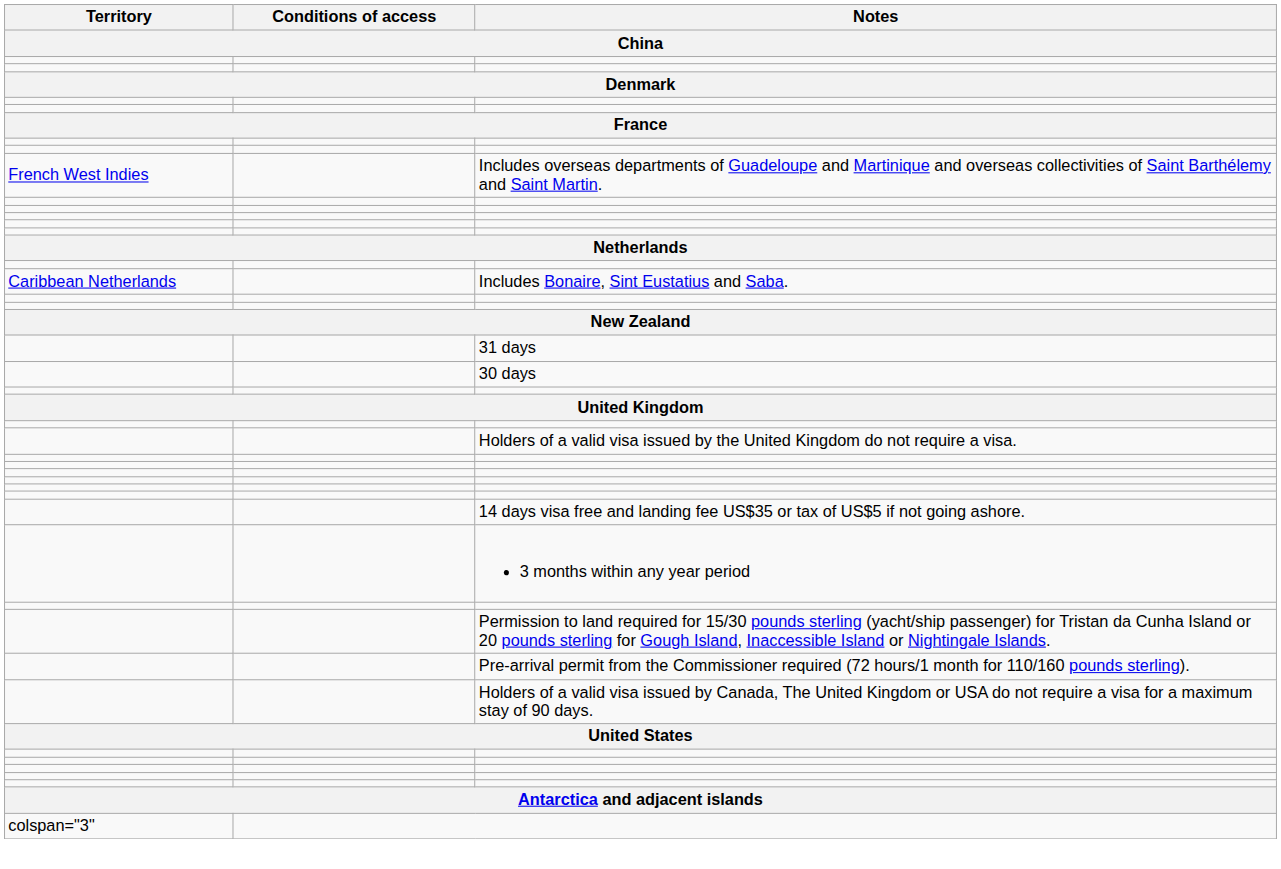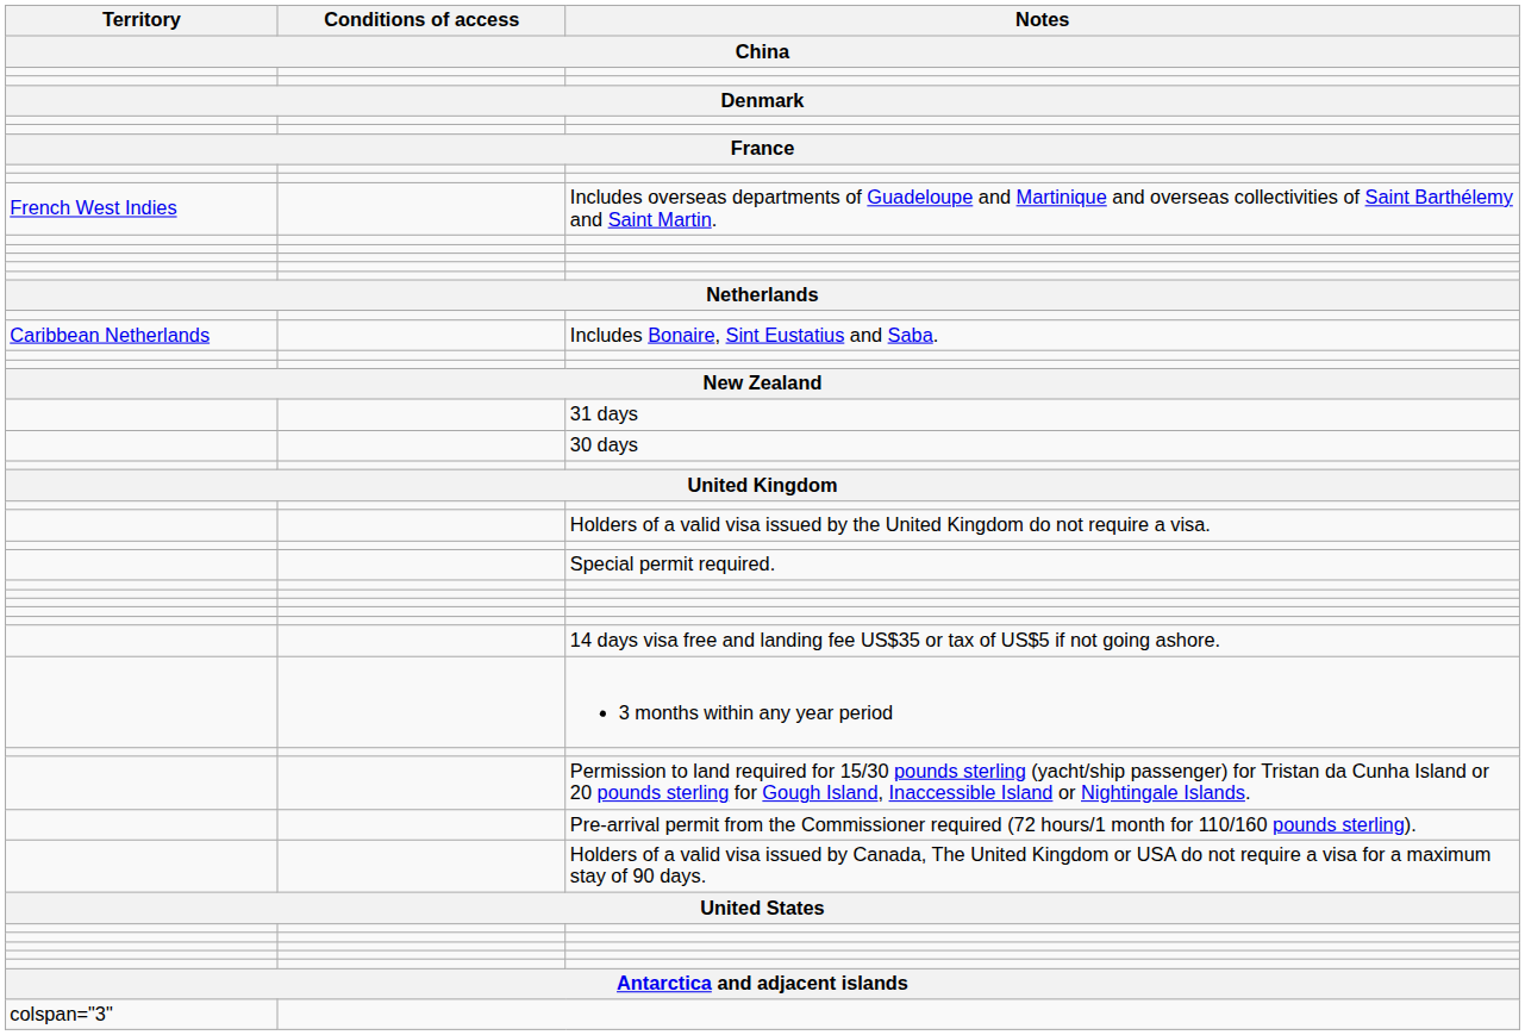 <table class="wikitable" style="text-align: left; table-layout: fixed;">
 <tr>
 <th style="width:18%;">Territory</th>
 <th style="width:19%;">Conditions of access</th>
 <th>Notes</th>
 </tr>
 <tr>
 <th colspan="3">China</th>
 </tr>
 <tr>
 <td></td>
 <td></td>
 <td></td>
 </tr>
 <tr>
 <td></td>
 <td></td>
 <td></td>
 </tr>
 <tr>
 <th colspan="3">Denmark</th>
 </tr>
 <tr>
 <td></td>
 <td></td>
 <td></td>
 </tr>
 <tr>
 <td></td>
 <td></td>
 <td></td>
 </tr>
 <tr>
 <th colspan="3">France</th>
 </tr>
 <tr>
 <td></td>
 <td></td>
 <td></td>
 </tr>
 <tr>
 <td></td>
 <td></td>
 <td></td>
 </tr>
 <tr>
 <td> <a href='#'>French West Indies</a></td>
 <td></td>
 <td>Includes overseas departments of <a href='#'>Guadeloupe</a> and <a href='#'>Martinique</a> and overseas collectivities of <a href='#'>Saint Barthélemy</a> and <a href='#'>Saint Martin</a>.</td>
 </tr>
 <tr>
 <td></td>
 <td></td>
 <td></td>
 </tr>
 <tr>
 <td></td>
 <td></td>
 <td></td>
 </tr>
 <tr>
 <td></td>
 <td></td>
 <td></td>
 </tr>
 <tr>
 <td></td>
 <td></td>
 <td></td>
 </tr>
 <tr>
 <td></td>
 <td></td>
 <td></td>
 </tr>
 <tr>
 <th colspan="3">Netherlands</th>
 </tr>
 <tr>
 <td></td>
 <td></td>
 <td></td>
 </tr>
 <tr>
 <td> <a href='#'>Caribbean Netherlands</a></td>
 <td></td>
 <td>Includes <a href='#'>Bonaire</a>, <a href='#'>Sint Eustatius</a> and <a href='#'>Saba</a>.</td>
 </tr>
 <tr>
 <td></td>
 <td></td>
 <td></td>
 </tr>
 <tr>
 <td></td>
 <td></td>
 <td></td>
 </tr>
 <tr>
 <th colspan="3">New Zealand</th>
 </tr>
 <tr>
 <td></td>
 <td></td>
 <td>31 days</td>
 </tr>
 <tr>
 <td></td>
 <td></td>
 <td>30 days</td>
 </tr>
 <tr>
 <td></td>
 <td></td>
 <td></td>
 </tr>
 <tr>
 <th colspan="3">United Kingdom</th>
 </tr>
 <tr>
 <td></td>
 <td></td>
 <td></td>
 </tr>
 <tr>
 <td></td>
 <td></td>
 <td>Holders of a valid visa issued by the United Kingdom do not require a visa.</td>
 </tr>
 <tr>
 <td></td>
 <td></td>
 <td></td>
 </tr>
 <tr>
 <td></td>
 <td></td>
+<td>Special permit required.</td>
+</tr>
+<tr>
+<td></td>
+<td></td>
 <td></td>
 </tr>
 <tr>
 <td></td>
 <td></td>
 <td></td>
 </tr>
 <tr>
 <td></td>
 <td></td>
 <td></td>
 </tr>
 <tr>
 <td></td>
 <td></td>
 <td></td>
 </tr>
 <tr>
 <td></td>
 <td></td>
 <td></td>
 </tr>
 <tr>
 <td></td>
 <td></td>
 <td>14 days visa free and landing fee US$35 or tax of US$5 if not going ashore.</td>
 </tr>
 <tr>
 <td></td>
 <td></td>
 <td><br><ul><li>3 months within any year period</li></ul></td>
 </tr>
 <tr>
 <td></td>
 <td></td>
 <td></td>
 </tr>
 <tr>
 <td></td>
 <td></td>
 <td>Permission to land required for 15/30 <a href='#'>pounds sterling</a> (yacht/ship passenger) for Tristan da Cunha Island or 20 <a href='#'>pounds sterling</a> for <a href='#'>Gough Island</a>, <a href='#'>Inaccessible Island</a> or <a href='#'>Nightingale Islands</a>.</td>
 </tr>
 <tr>
 <td></td>
 <td></td>
 <td>Pre-arrival permit from the Commissioner required (72 hours/1 month for 110/160 <a href='#'>pounds sterling</a>).</td>
 </tr>
 <tr>
 <td></td>
 <td></td>
 <td>Holders of a valid visa issued by Canada, The United Kingdom or USA do not require a visa for a maximum stay of 90 days.</td>
 </tr>
 <tr>
 <th colspan="3">United States</th>
 </tr>
 <tr>
 <td></td>
 <td></td>
 <td></td>
 </tr>
 <tr>
 <td></td>
 <td></td>
 <td></td>
 </tr>
 <tr>
 <td></td>
 <td></td>
 <td></td>
 </tr>
 <tr>
 <td></td>
 <td></td>
 <td></td>
 </tr>
 <tr>
 <td></td>
 <td></td>
 <td></td>
 </tr>
 <tr>
 <th colspan="3"><a href='#'>Antarctica</a> and adjacent islands</th>
 </tr>
 <tr>
 <td>colspan="3" </td>
 </tr>
 </table>
